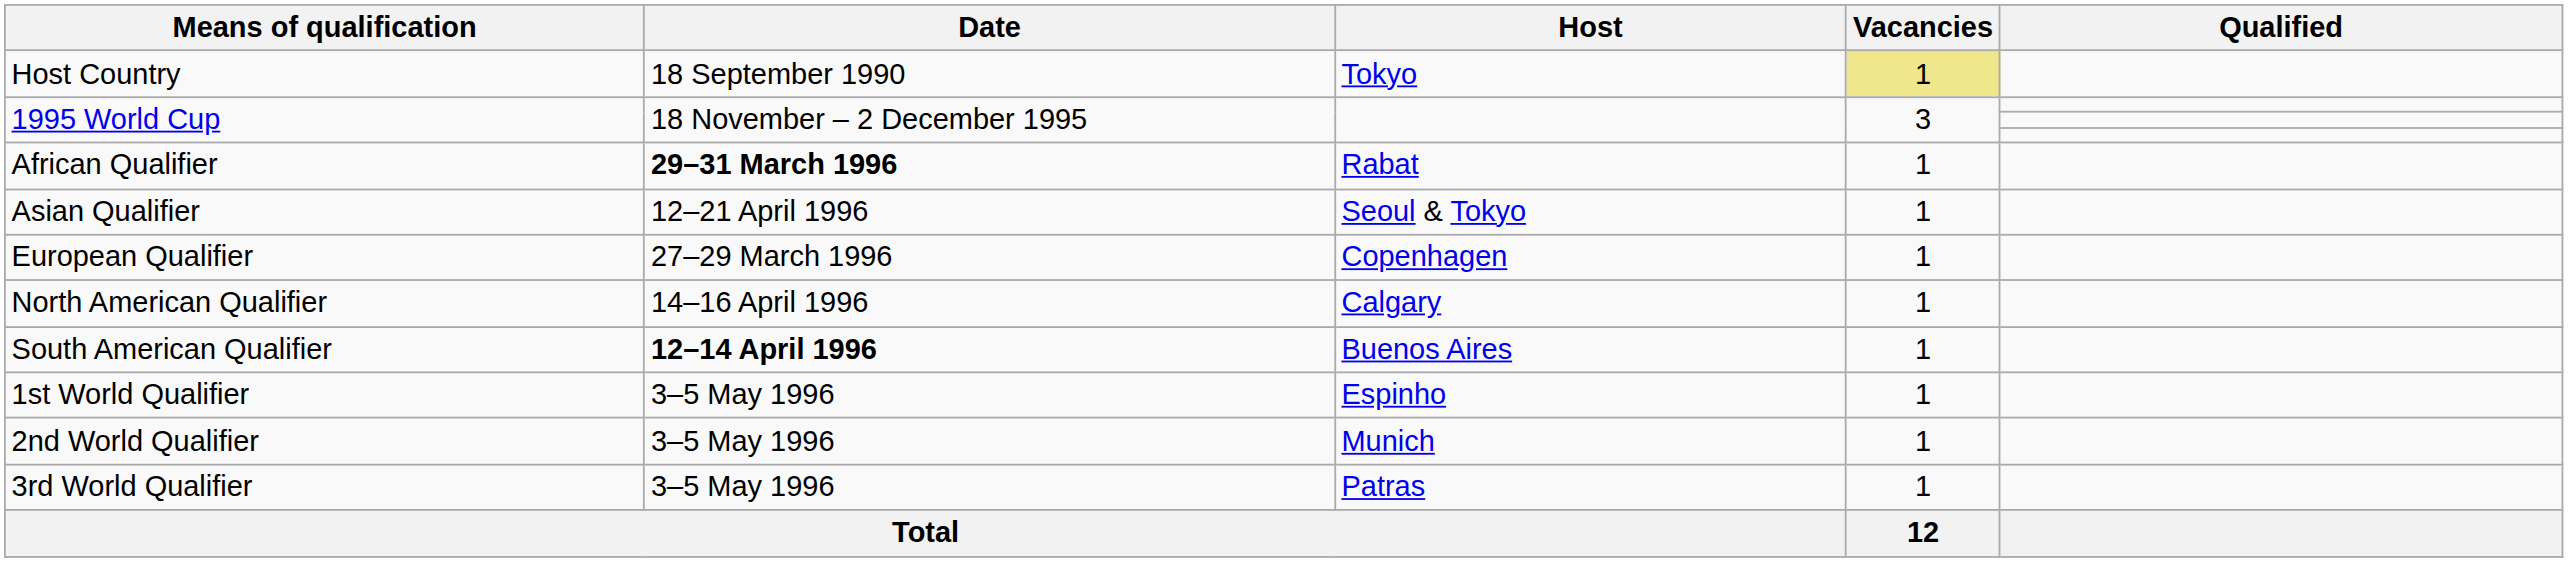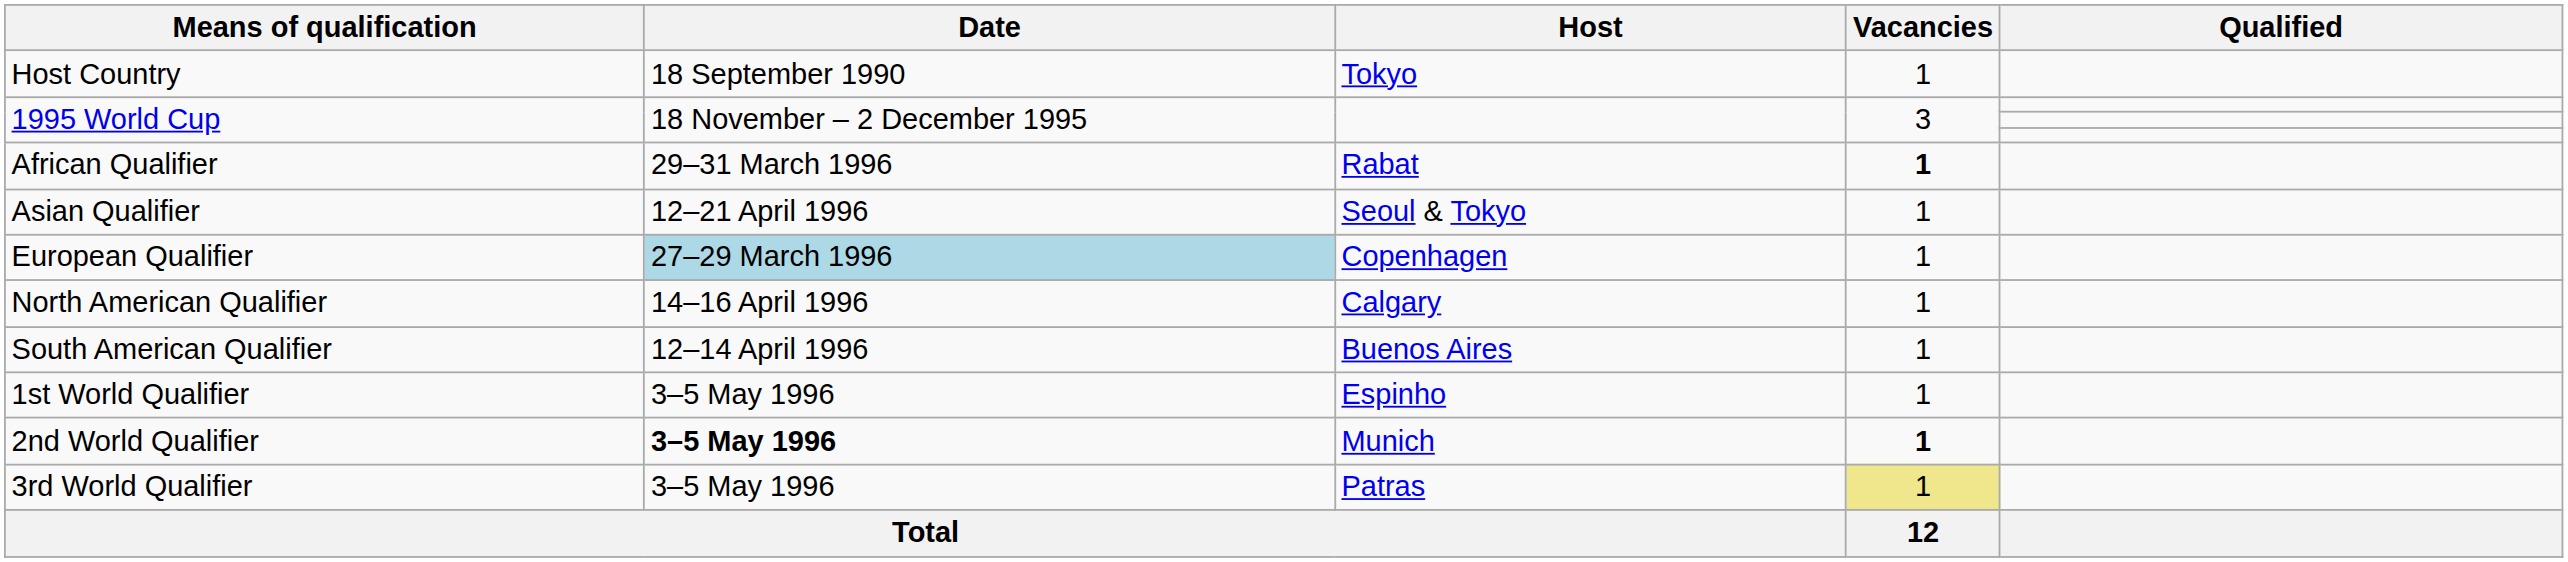 <table class="wikitable">
 <tr>
 <th width=25%>Means of qualification</th>
 <th width=27%>Date</th>
 <th width=20%>Host</th>
 <th width=6%>Vacancies</th>
 <th width=22%>Qualified</th>
 </tr>
 <tr>
 <td>Host Country</td>
 <td>18 September 1990</td>
 <td> <a href='#'>Tokyo</a></td>
-<td align="center" style="background: khaki;">1</td>
+<td align="center">1</td>
 <td></td>
 </tr>
 <tr>
 <td rowspan="3"><a href='#'>1995 World Cup</a></td>
 <td rowspan="3">18 November – 2 December 1995</td>
 <td rowspan="3"></td>
 <td rowspan="3" align="center">3</td>
 <td></td>
 </tr>
 <tr>
 <td></td>
 </tr>
 <tr>
 <td></td>
 </tr>
 <tr>
 <td>African Qualifier</td>
-<td><strong>29–31 March 1996</strong></td>
+<td>29–31 March 1996</td>
 <td> <a href='#'>Rabat</a></td>
-<td align="center">1</td>
+<td align="center"><strong>1</strong></td>
 <td></td>
 </tr>
 <tr>
 <td>Asian Qualifier</td>
 <td>12–21 April 1996</td>
 <td> <a href='#'>Seoul</a> &  <a href='#'>Tokyo</a></td>
 <td align="center">1</td>
 <td></td>
 </tr>
 <tr>
 <td>European Qualifier</td>
-<td>27–29 March 1996</td>
+<td style="background: lightblue;">27–29 March 1996</td>
 <td> <a href='#'>Copenhagen</a></td>
 <td align="center">1</td>
 <td></td>
 </tr>
 <tr>
 <td>North American Qualifier</td>
 <td>14–16 April 1996</td>
 <td> <a href='#'>Calgary</a></td>
 <td align="center">1</td>
 <td></td>
 </tr>
 <tr>
 <td>South American Qualifier</td>
-<td><strong>12–14 April 1996</strong></td>
+<td>12–14 April 1996</td>
 <td> <a href='#'>Buenos Aires</a></td>
 <td align="center">1</td>
 <td></td>
 </tr>
 <tr>
 <td>1st World Qualifier</td>
 <td>3–5 May 1996</td>
 <td> <a href='#'>Espinho</a></td>
 <td align="center">1</td>
 <td></td>
 </tr>
 <tr>
 <td>2nd World Qualifier</td>
-<td>3–5 May 1996</td>
+<td><strong>3–5 May 1996</strong></td>
 <td> <a href='#'>Munich</a></td>
-<td align="center">1</td>
+<td align="center"><strong>1</strong></td>
 <td></td>
 </tr>
 <tr>
 <td>3rd World Qualifier</td>
 <td>3–5 May 1996</td>
 <td> <a href='#'>Patras</a></td>
-<td align="center">1</td>
+<td align="center" style="background: khaki;">1</td>
 <td></td>
 </tr>
 <tr>
 <th colspan="3">Total</th>
 <th>12</th>
 <th></th>
 </tr>
 </table>
